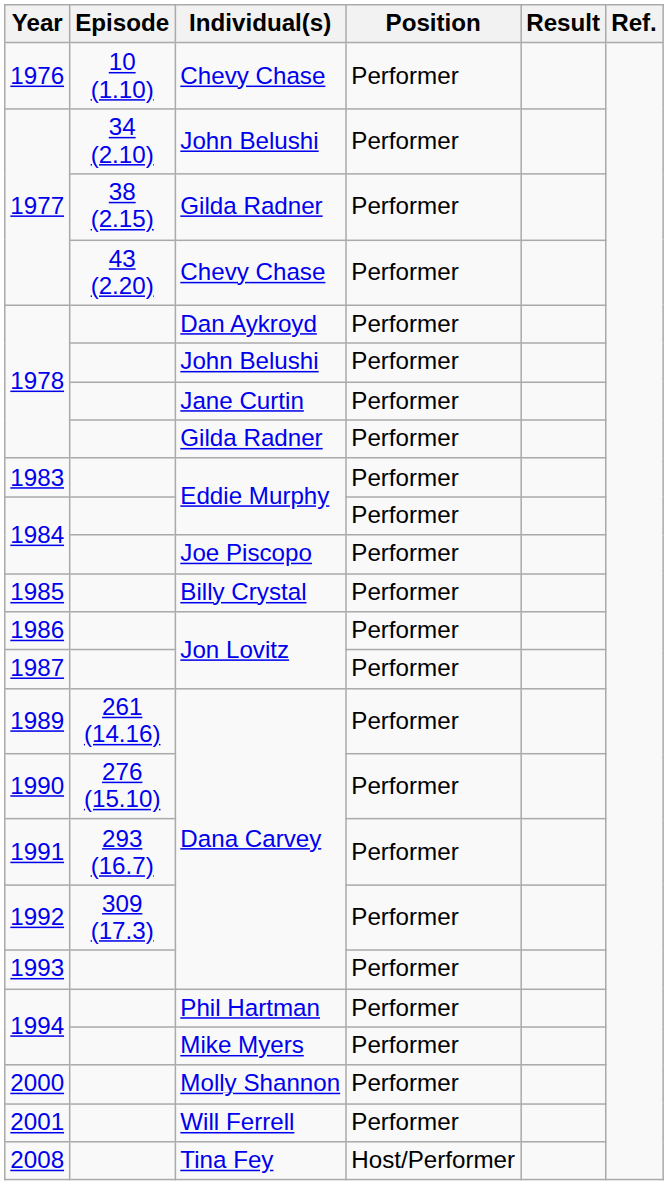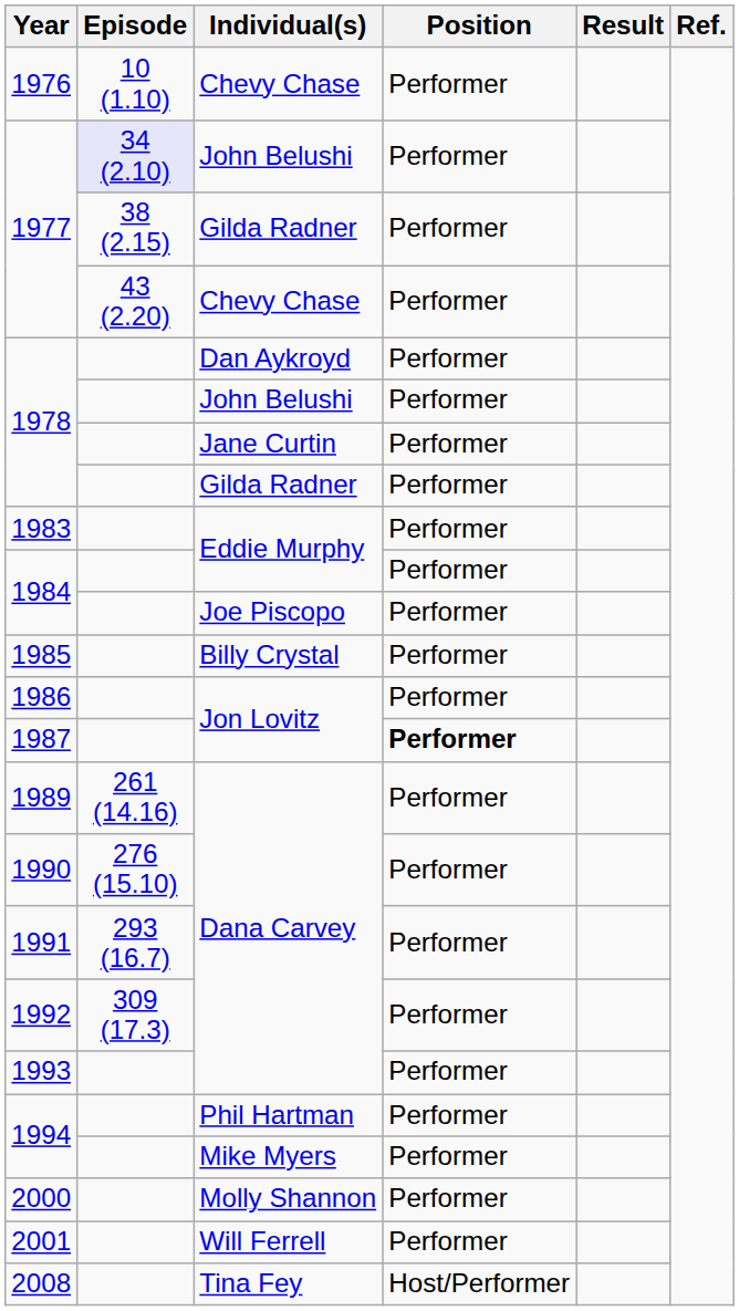 <table class="wikitable">
 <tr>
 <th>Year</th>
 <th>Episode</th>
 <th>Individual(s)</th>
 <th>Position</th>
 <th>Result</th>
 <th>Ref.</th>
 </tr>
 <tr>
 <td><a href='#'>1976</a></td>
 <td align="center"><a href='#'>10 <br> (1.10)</a></td>
 <td><a href='#'>Chevy Chase</a></td>
 <td>Performer</td>
 <td></td>
 <td rowspan="24" align="center"></td>
 </tr>
 <tr>
 <td rowspan="3"><a href='#'>1977</a></td>
-<td align="center"><a href='#'>34 <br> (2.10)</a></td>
+<td align="center" style="background: lavender;"><a href='#'>34 <br> (2.10)</a></td>
 <td><a href='#'>John Belushi</a></td>
 <td>Performer</td>
 <td></td>
 </tr>
 <tr>
 <td align="center"><a href='#'>38 <br> (2.15)</a></td>
 <td><a href='#'>Gilda Radner</a></td>
 <td>Performer</td>
 <td></td>
 </tr>
 <tr>
 <td align="center"><a href='#'>43 <br> (2.20)</a></td>
 <td><a href='#'>Chevy Chase</a></td>
 <td>Performer</td>
 <td></td>
 </tr>
 <tr>
 <td rowspan="4"><a href='#'>1978</a></td>
 <td></td>
 <td><a href='#'>Dan Aykroyd</a></td>
 <td>Performer</td>
 <td></td>
 </tr>
 <tr>
 <td></td>
 <td><a href='#'>John Belushi</a></td>
 <td>Performer</td>
 <td></td>
 </tr>
 <tr>
 <td></td>
 <td><a href='#'>Jane Curtin</a></td>
 <td>Performer</td>
 <td></td>
 </tr>
 <tr>
 <td></td>
 <td><a href='#'>Gilda Radner</a></td>
 <td>Performer</td>
 <td></td>
 </tr>
 <tr>
 <td><a href='#'>1983</a></td>
 <td></td>
 <td rowspan="2"><a href='#'>Eddie Murphy</a></td>
 <td>Performer</td>
 <td></td>
 </tr>
 <tr>
 <td rowspan=2><a href='#'>1984</a></td>
 <td></td>
 <td>Performer</td>
 <td></td>
 </tr>
 <tr>
 <td></td>
 <td><a href='#'>Joe Piscopo</a></td>
 <td>Performer</td>
 <td></td>
 </tr>
 <tr>
 <td><a href='#'>1985</a></td>
 <td></td>
 <td><a href='#'>Billy Crystal</a></td>
 <td>Performer</td>
 <td></td>
 </tr>
 <tr>
 <td><a href='#'>1986</a></td>
 <td></td>
 <td rowspan="2"><a href='#'>Jon Lovitz</a></td>
 <td>Performer</td>
 <td></td>
 </tr>
 <tr>
 <td><a href='#'>1987</a></td>
 <td></td>
-<td>Performer</td>
+<td><strong>Performer</strong></td>
 <td></td>
 </tr>
 <tr>
 <td><a href='#'>1989</a></td>
 <td align="center"><a href='#'>261 <br> (14.16)</a></td>
 <td rowspan="5"><a href='#'>Dana Carvey</a></td>
 <td>Performer</td>
 <td></td>
 </tr>
 <tr>
 <td><a href='#'>1990</a></td>
 <td align="center"><a href='#'>276 <br> (15.10)</a></td>
 <td>Performer</td>
 <td></td>
 </tr>
 <tr>
 <td><a href='#'>1991</a></td>
 <td align="center"><a href='#'>293 <br> (16.7)</a></td>
 <td>Performer</td>
 <td></td>
 </tr>
 <tr>
 <td><a href='#'>1992</a></td>
 <td align="center"><a href='#'>309 <br> (17.3)</a></td>
 <td>Performer</td>
 <td></td>
 </tr>
 <tr>
 <td><a href='#'>1993</a></td>
 <td></td>
 <td>Performer</td>
 <td></td>
 </tr>
 <tr>
 <td rowspan="2"><a href='#'>1994</a></td>
 <td></td>
 <td><a href='#'>Phil Hartman</a></td>
 <td>Performer</td>
 <td></td>
 </tr>
 <tr>
 <td></td>
 <td><a href='#'>Mike Myers</a></td>
 <td>Performer</td>
 <td></td>
 </tr>
 <tr>
 <td><a href='#'>2000</a></td>
 <td></td>
 <td><a href='#'>Molly Shannon</a></td>
 <td>Performer</td>
 <td></td>
 </tr>
 <tr>
 <td><a href='#'>2001</a></td>
 <td></td>
 <td><a href='#'>Will Ferrell</a></td>
 <td>Performer</td>
 <td></td>
 </tr>
 <tr>
 <td><a href='#'>2008</a></td>
 <td></td>
 <td><a href='#'>Tina Fey</a></td>
 <td>Host/Performer</td>
 <td></td>
 </tr>
 </table>
